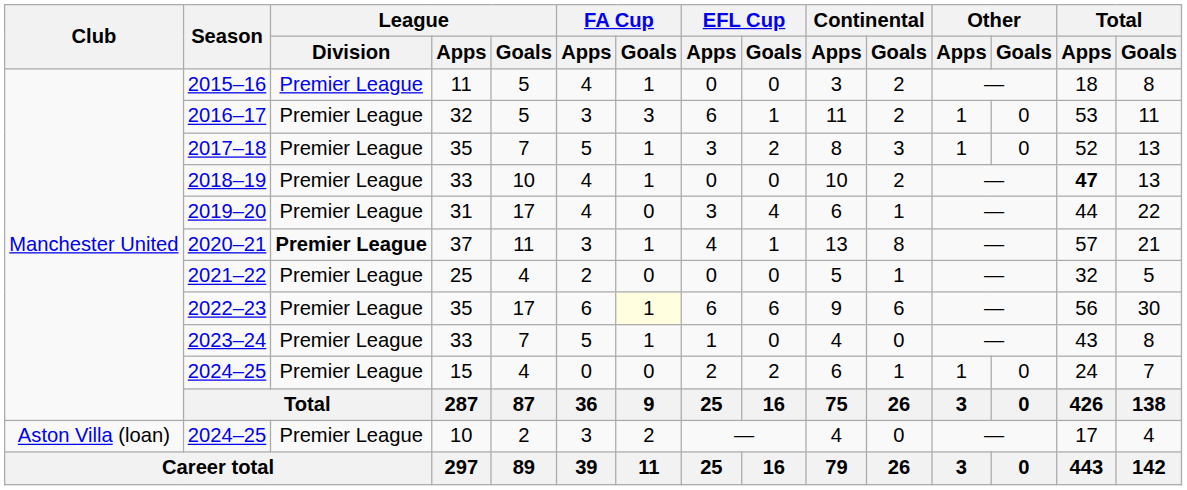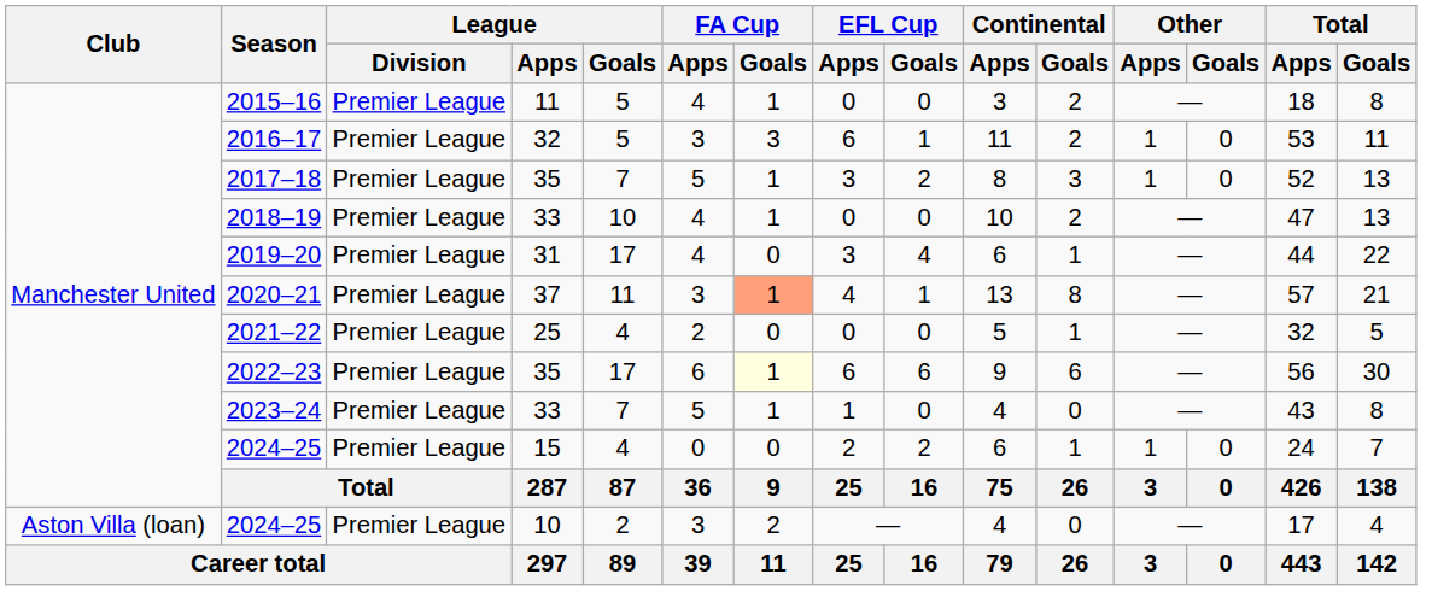 <table class="wikitable" style="text-align: center;">
 <tr>
 <th rowspan="2">Club</th>
 <th rowspan="2">Season</th>
 <th colspan="3">League</th>
 <th colspan="2"><a href='#'>FA Cup</a></th>
 <th colspan="2"><a href='#'>EFL Cup</a></th>
 <th colspan="2">Continental</th>
 <th colspan="2">Other</th>
 <th colspan="2">Total</th>
 </tr>
 <tr>
 <th>Division</th>
 <th>Apps</th>
 <th>Goals</th>
 <th>Apps</th>
 <th>Goals</th>
 <th>Apps</th>
 <th>Goals</th>
 <th>Apps</th>
 <th>Goals</th>
 <th>Apps</th>
 <th>Goals</th>
 <th>Apps</th>
 <th>Goals</th>
 </tr>
 <tr>
 <td rowspan="11"><a href='#'>Manchester United</a></td>
 <td><a href='#'>2015–16</a></td>
 <td><a href='#'>Premier League</a></td>
 <td>11</td>
 <td>5</td>
 <td>4</td>
 <td>1</td>
 <td>0</td>
 <td>0</td>
 <td>3</td>
 <td>2</td>
 <td colspan="2">—</td>
 <td>18</td>
 <td>8</td>
 </tr>
 <tr>
 <td><a href='#'>2016–17</a></td>
 <td>Premier League</td>
 <td>32</td>
 <td>5</td>
 <td>3</td>
 <td>3</td>
 <td>6</td>
 <td>1</td>
 <td>11</td>
 <td>2</td>
 <td>1</td>
 <td>0</td>
 <td>53</td>
 <td>11</td>
 </tr>
 <tr>
 <td><a href='#'>2017–18</a></td>
 <td>Premier League</td>
 <td>35</td>
 <td>7</td>
 <td>5</td>
 <td>1</td>
 <td>3</td>
 <td>2</td>
 <td>8</td>
 <td>3</td>
 <td>1</td>
 <td>0</td>
 <td>52</td>
 <td>13</td>
 </tr>
 <tr>
 <td><a href='#'>2018–19</a></td>
 <td>Premier League</td>
 <td>33</td>
 <td>10</td>
 <td>4</td>
 <td>1</td>
 <td>0</td>
 <td>0</td>
 <td>10</td>
 <td>2</td>
 <td colspan="2">—</td>
-<td><strong>47</strong></td>
+<td>47</td>
 <td>13</td>
 </tr>
 <tr>
 <td><a href='#'>2019–20</a></td>
 <td>Premier League</td>
 <td>31</td>
 <td>17</td>
 <td>4</td>
 <td>0</td>
 <td>3</td>
 <td>4</td>
 <td>6</td>
 <td>1</td>
 <td colspan="2">—</td>
 <td>44</td>
 <td>22</td>
 </tr>
 <tr>
 <td><a href='#'>2020–21</a></td>
-<td><strong>Premier League</strong></td>
+<td>Premier League</td>
 <td>37</td>
 <td>11</td>
 <td>3</td>
-<td>1</td>
+<td style="background: lightsalmon;">1</td>
 <td>4</td>
 <td>1</td>
 <td>13</td>
 <td>8</td>
 <td colspan="2">—</td>
 <td>57</td>
 <td>21</td>
 </tr>
 <tr>
 <td><a href='#'>2021–22</a></td>
 <td>Premier League</td>
 <td>25</td>
 <td>4</td>
 <td>2</td>
 <td>0</td>
 <td>0</td>
 <td>0</td>
 <td>5</td>
 <td>1</td>
 <td colspan="2">—</td>
 <td>32</td>
 <td>5</td>
 </tr>
 <tr>
 <td><a href='#'>2022–23</a></td>
 <td>Premier League</td>
 <td>35</td>
 <td>17</td>
 <td>6</td>
 <td style="background: lightyellow;">1</td>
 <td>6</td>
 <td>6</td>
 <td>9</td>
 <td>6</td>
 <td colspan="2">—</td>
 <td>56</td>
 <td>30</td>
 </tr>
 <tr>
 <td><a href='#'>2023–24</a></td>
 <td>Premier League</td>
 <td>33</td>
 <td>7</td>
 <td>5</td>
 <td>1</td>
 <td>1</td>
 <td>0</td>
 <td>4</td>
 <td>0</td>
 <td colspan="2">—</td>
 <td>43</td>
 <td>8</td>
 </tr>
 <tr>
 <td><a href='#'>2024–25</a></td>
 <td>Premier League</td>
 <td>15</td>
 <td>4</td>
 <td>0</td>
 <td>0</td>
 <td>2</td>
 <td>2</td>
 <td>6</td>
 <td>1</td>
 <td>1</td>
 <td>0</td>
 <td>24</td>
 <td>7</td>
 </tr>
 <tr>
 <th colspan="2">Total</th>
 <th>287</th>
 <th>87</th>
 <th>36</th>
 <th>9</th>
 <th>25</th>
 <th>16</th>
 <th>75</th>
 <th>26</th>
 <th>3</th>
 <th>0</th>
 <th>426</th>
 <th>138</th>
 </tr>
 <tr>
 <td><a href='#'>Aston Villa</a> (loan)</td>
 <td><a href='#'>2024–25</a></td>
 <td>Premier League</td>
 <td>10</td>
 <td>2</td>
 <td>3</td>
 <td>2</td>
 <td colspan="2">—</td>
 <td>4</td>
 <td>0</td>
 <td colspan="2">—</td>
 <td>17</td>
 <td>4</td>
 </tr>
 <tr>
 <th colspan="3">Career total</th>
 <th>297</th>
 <th>89</th>
 <th>39</th>
 <th>11</th>
 <th>25</th>
 <th>16</th>
 <th>79</th>
 <th>26</th>
 <th>3</th>
 <th>0</th>
 <th>443</th>
 <th>142</th>
 </tr>
 </table>
